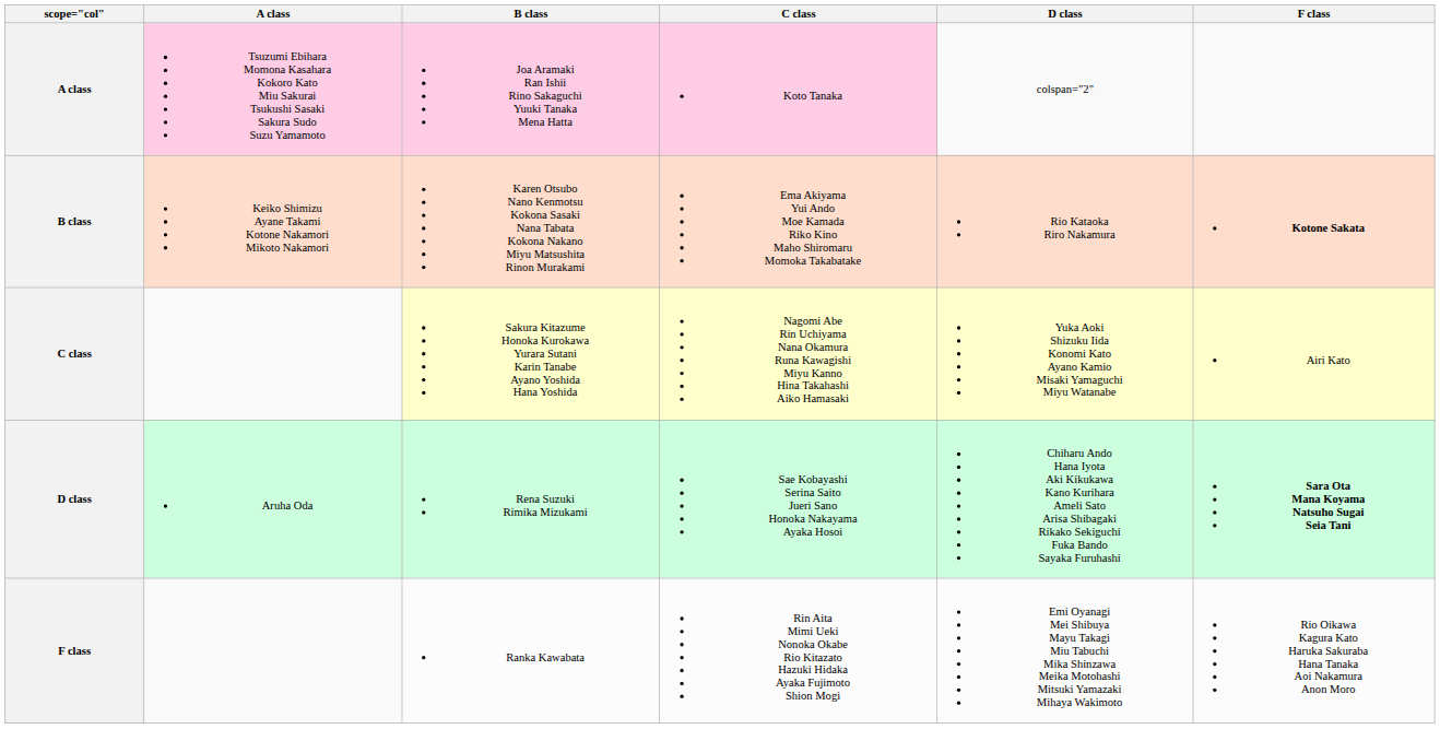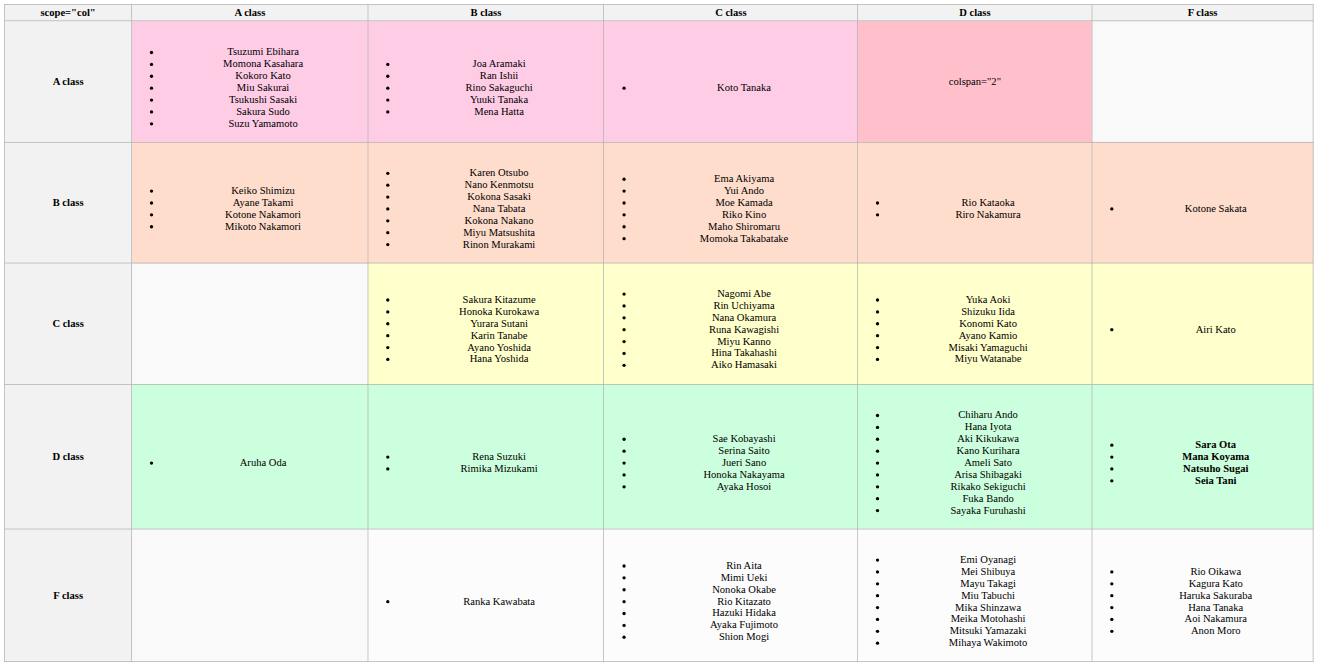 <table class="wikitable collapsible" style="width:100%; text-align:center">
 <tr>
 <th>scope="col" </th>
 <th scope="col">A class</th>
 <th scope="col">B class</th>
 <th scope="col">C class</th>
 <th scope="col">D class</th>
 <th scope="col">F class</th>
 </tr>
 <tr>
 <th scope="row">A class</th>
 <td style="background:#ffcce6"><br><ul><li>Tsuzumi Ebihara </li><li>Momona Kasahara </li><li>Kokoro Kato </li><li>Miu Sakurai </li><li>Tsukushi Sasaki </li><li>Sakura Sudo </li><li>Suzu Yamamoto </li></ul></td>
 <td style="background:#ffcce6"><br><ul><li>Joa Aramaki </li><li>Ran Ishii </li><li>Rino Sakaguchi </li><li>Yuuki Tanaka </li><li>Mena Hatta </li></ul></td>
 <td style="background:#ffcce6"><br><ul><li>Koto Tanaka </li></ul></td>
-<td>colspan="2" </td>
+<td style="background: pink;">colspan="2" </td>
 </tr>
 <tr>
 <th scope="row">B class</th>
 <td style="background:#FFDDCC"><br><ul><li>Keiko Shimizu </li><li>Ayane Takami </li><li>Kotone Nakamori </li><li>Mikoto Nakamori </li></ul></td>
 <td style="background:#FFDDCC"><br><ul><li>Karen Otsubo </li><li>Nano Kenmotsu </li><li>Kokona Sasaki </li><li>Nana Tabata </li><li>Kokona Nakano </li><li>Miyu Matsushita </li><li>Rinon Murakami </li></ul></td>
 <td style="background:#FFDDCC"><br><ul><li>Ema Akiyama </li><li>Yui Ando </li><li>Moe Kamada </li><li>Riko Kino </li><li>Maho Shiromaru </li><li>Momoka Takabatake </li></ul></td>
 <td style="background:#FFDDCC"><br><ul><li>Rio Kataoka </li><li>Riro Nakamura </li></ul></td>
-<td style="background:#FFDDCC"><strong><br><ul><li>Kotone Sakata </li></ul></strong></td>
+<td style="background:#FFDDCC"><br><ul><li>Kotone Sakata </li></ul></td>
 </tr>
 <tr>
 <th scope="row">C class</th>
 <td></td>
 <td style="background:#FFFFCC"><br><ul><li>Sakura Kitazume </li><li>Honoka Kurokawa </li><li>Yurara Sutani </li><li>Karin Tanabe </li><li>Ayano Yoshida </li><li>Hana Yoshida </li></ul></td>
 <td style="background:#FFFFCC"><br><ul><li>Nagomi Abe </li><li>Rin Uchiyama </li><li>Nana Okamura </li><li>Runa Kawagishi </li><li>Miyu Kanno </li><li>Hina Takahashi </li><li>Aiko Hamasaki </li></ul></td>
 <td style="background:#FFFFCC"><br><ul><li>Yuka Aoki </li><li>Shizuku Iida </li><li>Konomi Kato </li><li>Ayano Kamio </li><li>Misaki Yamaguchi </li><li>Miyu Watanabe </li></ul></td>
 <td style="background:#FFFFCC"><br><ul><li>Airi Kato </li></ul></td>
 </tr>
 <tr>
 <th scope="row">D class</th>
 <td style="background:#CCFFDD"><br><ul><li>Aruha Oda </li></ul></td>
 <td style="background:#CCFFDD"><br><ul><li>Rena Suzuki </li><li>Rimika Mizukami </li></ul></td>
 <td style="background:#CCFFDD"><br><ul><li>Sae Kobayashi </li><li>Serina Saito </li><li>Jueri Sano </li><li>Honoka Nakayama </li><li>Ayaka Hosoi </li></ul></td>
 <td style="background:#CCFFDD"><br><ul><li>Chiharu Ando </li><li>Hana Iyota </li><li>Aki Kikukawa </li><li>Kano Kurihara </li><li>Ameli Sato </li><li>Arisa Shibagaki </li><li>Rikako Sekiguchi </li><li>Fuka Bando </li><li>Sayaka Furuhashi </li></ul></td>
 <td style="background:#CCFFDD"><strong><br><ul><li>Sara Ota </li><li>Mana Koyama </li><li>Natsuho Sugai </li><li>Seia Tani </li></ul></strong></td>
 </tr>
 <tr>
 <th scope="row">F class</th>
 <td></td>
 <td style="background:#FCFCFC"><br><ul><li>Ranka Kawabata </li></ul></td>
 <td style="background:#FCFCFC"><br><ul><li>Rin Aita </li><li>Mimi Ueki </li><li>Nonoka Okabe </li><li>Rio Kitazato </li><li>Hazuki Hidaka </li><li>Ayaka Fujimoto </li><li>Shion Mogi </li></ul></td>
 <td style="background:#FCFCFC"><br><ul><li>Emi Oyanagi </li><li>Mei Shibuya </li><li>Mayu Takagi </li><li>Miu Tabuchi </li><li>Mika Shinzawa </li><li>Meika Motohashi </li><li>Mitsuki Yamazaki </li><li>Mihaya Wakimoto </li></ul></td>
 <td style="background:#FCFCFC"><br><ul><li>Rio Oikawa </li><li>Kagura Kato </li><li>Haruka Sakuraba </li><li>Hana Tanaka </li><li>Aoi Nakamura </li><li>Anon Moro </li></ul></td>
 </tr>
 </table>
